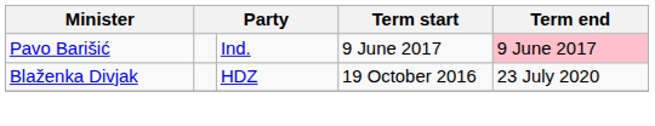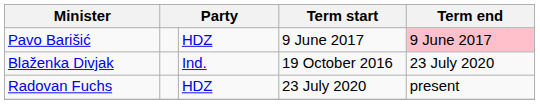 <table class="wikitable plainrowheaders">
 <tr>
 <th width="160">Minister</th>
 <th colspan=2 width="120">Party</th>
 <th width="130">Term start</th>
 <th width="130">Term end</th>
 </tr>
 <tr>
 <td scope="row"><a href='#'>Pavo Barišić</a></td>
 <td style="background-color: "></td>
-<td><a href='#'>Ind.</a></td>
+<td><a href='#'>HDZ</a></td>
 <td>9 June 2017</td>
 <td style="background: pink;">9 June 2017</td>
 </tr>
 <tr>
 <td scope="row"><a href='#'>Blaženka Divjak</a></td>
 <td style="background-color: "></td>
-<td><a href='#'>HDZ</a></td>
+<td><a href='#'>Ind.</a></td>
 <td>19 October 2016</td>
 <td>23 July 2020</td>
 </tr>
 <tr>
+<td scope="row"><a href='#'>Radovan Fuchs</a></td>
+<td style="background-color: "></td>
+<td><a href='#'>HDZ</a></td>
+<td>23 July 2020</td>
+<td>present</td>
+</tr>
+<tr>
 </tr>
 </table>
